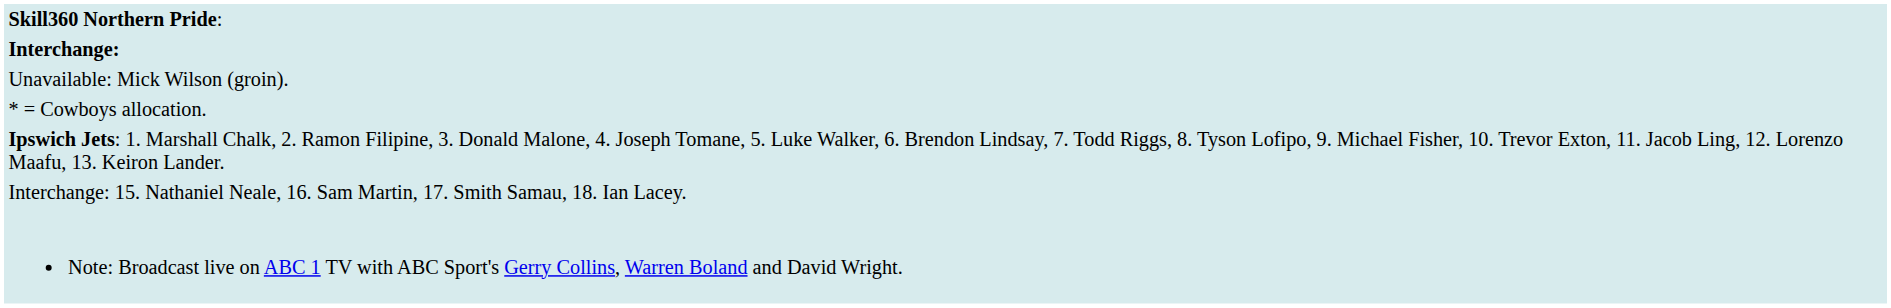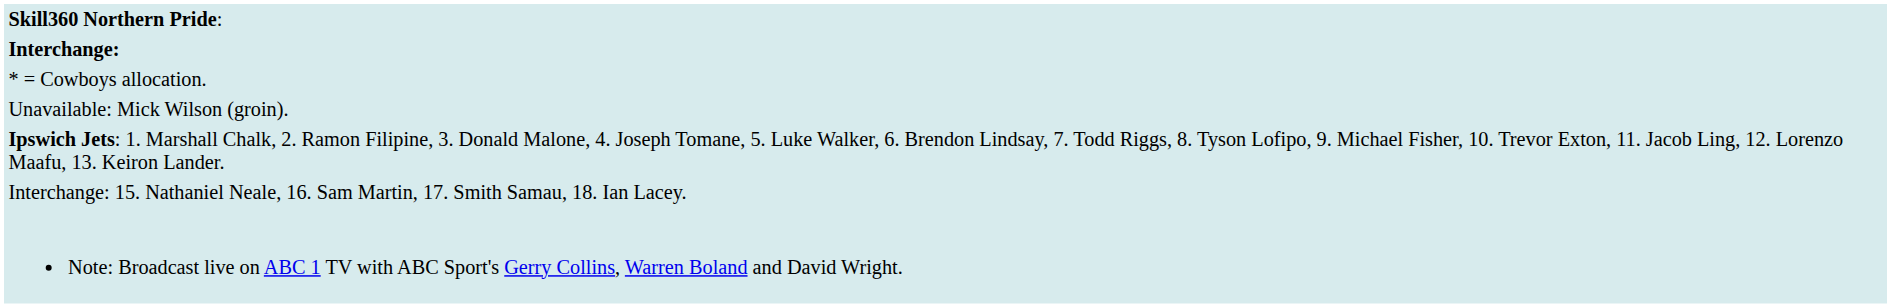 <table style="background:#d7ebed; font-size:85%; width:100%;">
 <tr>
 <td><strong>Skill360 Northern Pride</strong>:             </td>
 </tr>
 <tr>
 <td><strong>Interchange:    </strong></td>
 </tr>
 <tr>
-<td>Unavailable: Mick Wilson (groin).</td>
+<td>* = Cowboys allocation.</td>
 </tr>
 <tr>
-<td>* = Cowboys allocation.</td>
+<td>Unavailable: Mick Wilson (groin).</td>
 </tr>
 <tr>
 <td><strong>Ipswich Jets</strong>: 1. Marshall Chalk, 2. Ramon Filipine, 3. Donald Malone, 4. Joseph Tomane, 5. Luke Walker, 6. Brendon Lindsay, 7. Todd Riggs, 8. Tyson Lofipo, 9. Michael Fisher, 10. Trevor Exton, 11. Jacob Ling, 12. Lorenzo Maafu, 13. Keiron Lander.</td>
 </tr>
 <tr>
 <td>Interchange: 15. Nathaniel Neale, 16. Sam Martin, 17. Smith Samau, 18. Ian Lacey.</td>
 </tr>
 <tr>
 <td><br><ul><li>Note: Broadcast live on <a href='#'>ABC 1</a> TV with ABC Sport's <a href='#'>Gerry Collins</a>, <a href='#'>Warren Boland</a> and David Wright.</li></ul></td>
 </tr>
 </table>
